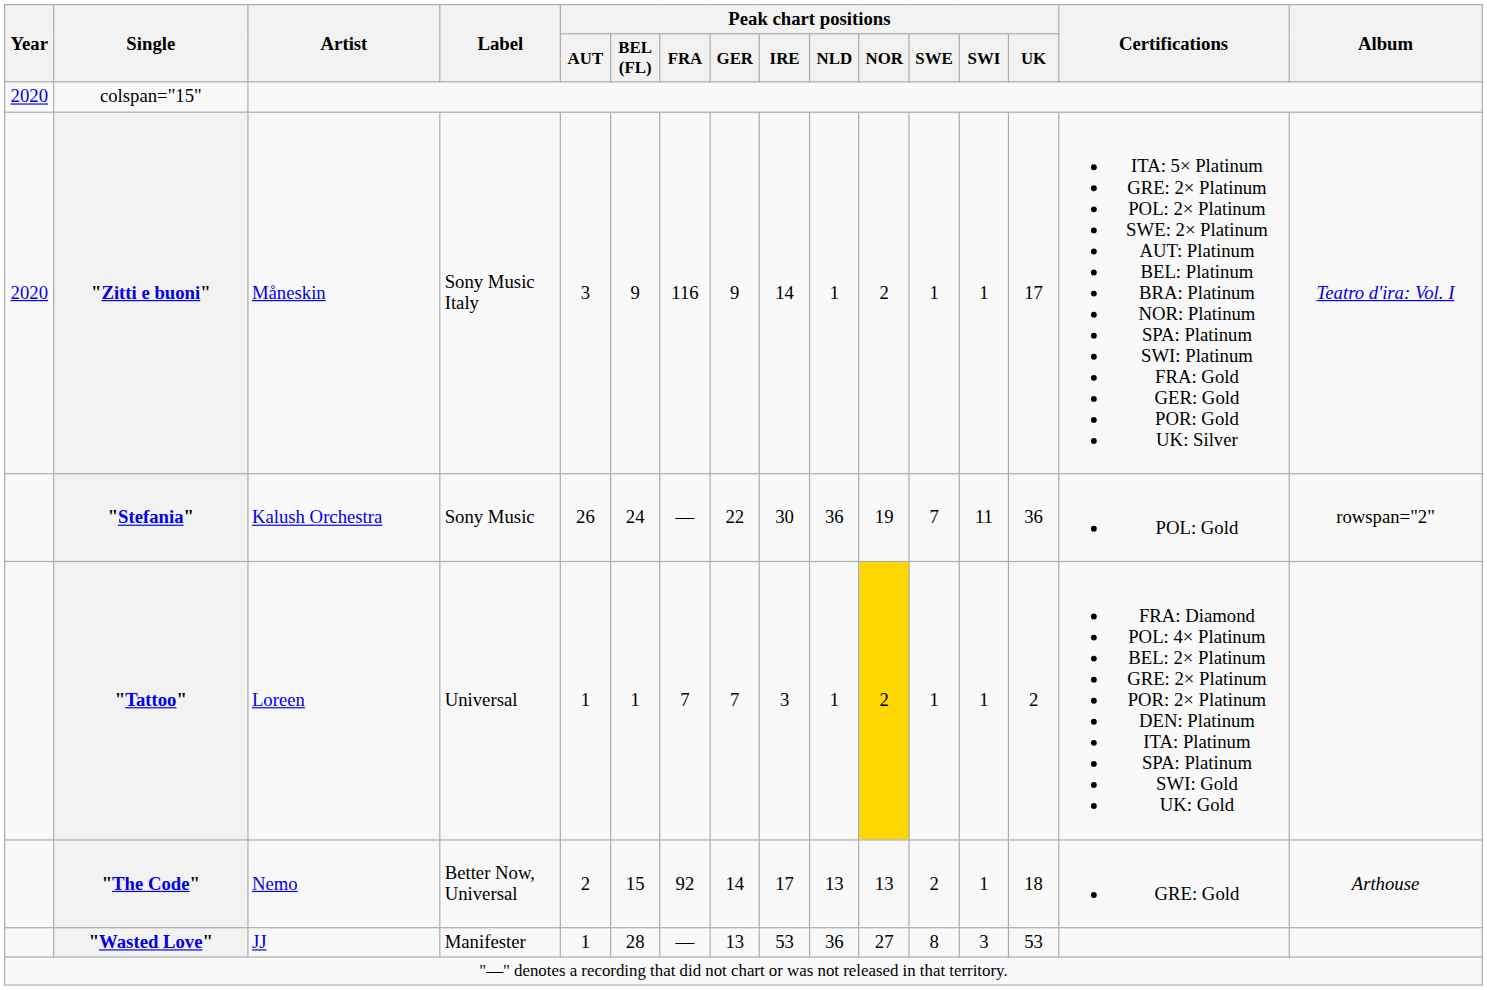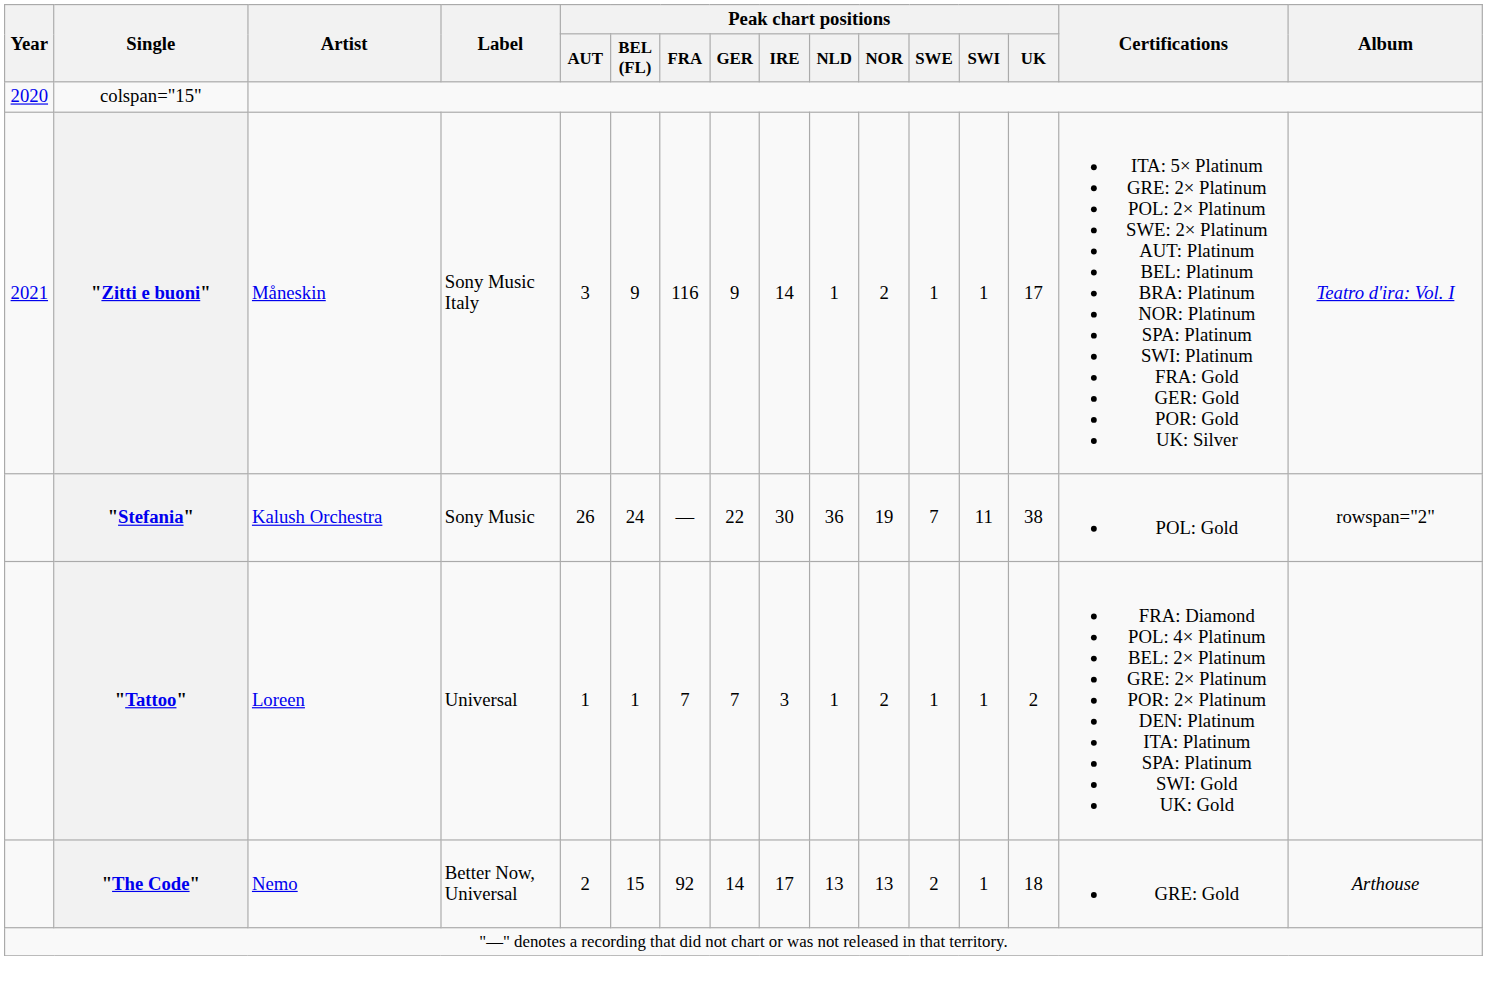 <table class="wikitable plainrowheaders" style="text-align:center;width:100%;">
 <tr>
 <th rowspan="2" style="width:35px;">Year</th>
 <th rowspan="2" style="width:10em;">Single</th>
 <th rowspan="2" style="width:10em;">Artist</th>
 <th rowspan="2" style="width:6em;">Label</th>
 <th colspan="10">Peak chart positions</th>
 <th rowspan="2" style="width:12em;">Certifications</th>
 <th rowspan="2" style="width:10em;">Album</th>
 </tr>
 <tr>
 <th scope="col" style="width:2.5em;font-size:90%;">AUT<br></th>
 <th scope="col" style="width:2.5em;font-size:90%;">BEL<br>(FL)<br></th>
 <th scope="col" style="width:2.5em;font-size:90%;">FRA<br></th>
 <th scope="col" style="width:2.5em;font-size:90%;">GER<br></th>
 <th scope="col" style="width:2.5em;font-size:90%;">IRE<br></th>
 <th scope="col" style="width:2.5em;font-size:90%;">NLD<br></th>
 <th scope="col" style="width:2.5em;font-size:90%;">NOR <br></th>
 <th scope="col" style="width:2.5em;font-size:90%;">SWE<br></th>
 <th scope="col" style="width:2.5em;font-size:90%;">SWI<br></th>
 <th scope="col" style="width:2.5em;font-size:90%;">UK<br></th>
 </tr>
 <tr>
 <td><a href='#'>2020</a></td>
 <td>colspan="15" </td>
 </tr>
 <tr>
-<td><a href='#'>2020</a></td>
+<td><a href='#'>2021</a></td>
 <th scope="row">"<a href='#'>Zitti e buoni</a>"</th>
 <td style="text-align:left;"><a href='#'>Måneskin</a></td>
 <td style="text-align:left;">Sony Music Italy</td>
 <td>3</td>
 <td>9</td>
 <td>116</td>
 <td>9</td>
 <td>14</td>
 <td>1</td>
 <td>2</td>
 <td>1</td>
 <td>1</td>
 <td>17</td>
 <td><br><ul><li>ITA: 5× Platinum</li><li>GRE: 2× Platinum</li><li>POL: 2× Platinum</li><li>SWE: 2× Platinum</li><li>AUT: Platinum</li><li>BEL: Platinum</li><li>BRA: Platinum</li><li>NOR: Platinum</li><li>SPA: Platinum</li><li>SWI: Platinum</li><li>FRA: Gold</li><li>GER: Gold</li><li>POR: Gold</li><li>UK: Silver</li></ul></td>
 <td><em><a href='#'>Teatro d'ira: Vol. I</a></em></td>
 </tr>
 <tr>
 <td></td>
 <th scope="row">"<a href='#'>Stefania</a>"</th>
 <td style="text-align:left;"><a href='#'>Kalush Orchestra</a></td>
 <td style="text-align:left;">Sony Music</td>
 <td>26</td>
 <td>24</td>
 <td>—</td>
 <td>22</td>
 <td>30</td>
 <td>36</td>
 <td>19</td>
 <td>7</td>
 <td>11</td>
-<td>36</td>
+<td>38</td>
 <td><br><ul><li>POL: Gold</li></ul></td>
 <td>rowspan="2" </td>
 </tr>
 <tr>
 <td></td>
 <th scope="row">"<a href='#'>Tattoo</a>"</th>
 <td style="text-align:left;"><a href='#'>Loreen</a></td>
 <td style="text-align:left;">Universal</td>
 <td>1</td>
 <td>1</td>
 <td>7</td>
 <td>7</td>
 <td>3</td>
 <td>1</td>
-<td style="background: gold;">2</td>
+<td>2</td>
 <td>1</td>
 <td>1</td>
 <td>2</td>
 <td><br><ul><li>FRA: Diamond</li><li>POL: 4× Platinum</li><li>BEL: 2× Platinum</li><li>GRE: 2× Platinum</li><li>POR: 2× Platinum</li><li>DEN: Platinum</li><li>ITA: Platinum</li><li>SPA: Platinum</li><li>SWI: Gold</li><li>UK: Gold</li></ul></td>
 </tr>
 <tr>
 <td></td>
 <th scope="row">"<a href='#'>The Code</a>"</th>
 <td style="text-align:left;"><a href='#'>Nemo</a></td>
 <td style="text-align:left;">Better Now, Universal</td>
 <td>2</td>
 <td>15</td>
 <td>92</td>
 <td>14</td>
 <td>17</td>
 <td>13</td>
 <td>13</td>
 <td>2</td>
 <td>1</td>
 <td>18</td>
 <td><br><ul><li>GRE: Gold</li></ul></td>
 <td><em>Arthouse</em></td>
 </tr>
 <tr>
-<td></td>
-<th scope="row">"<a href='#'>Wasted Love</a>"</th>
-<td style="text-align:left;"><a href='#'>JJ</a></td>
-<td style="text-align:left;">Manifester</td>
-<td>1</td>
-<td>28</td>
-<td>—</td>
-<td>13</td>
-<td>53</td>
-<td>36</td>
-<td>27</td>
-<td>8</td>
-<td>3</td>
-<td>53</td>
-<td></td>
-<td></td>
-</tr>
-<tr>
 <td colspan="16" style="font-size:90%">"—" denotes a recording that did not chart or was not released in that territory.</td>
 </tr>
 </table>
